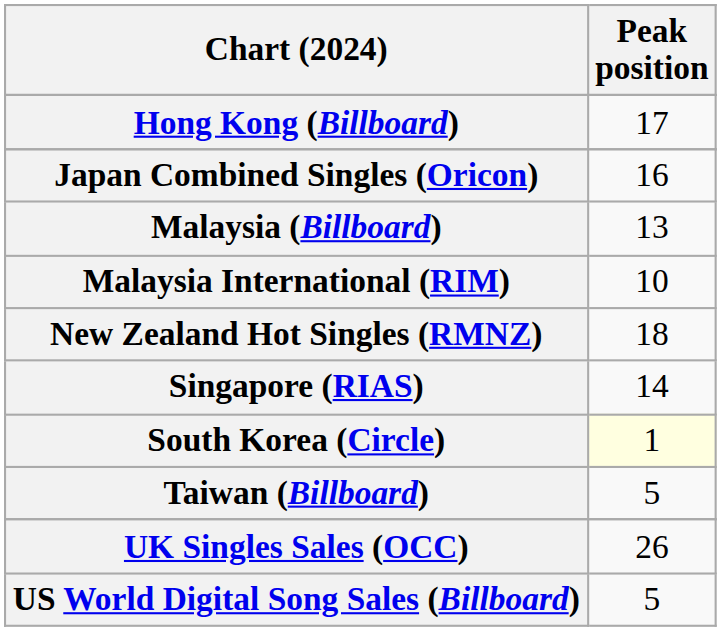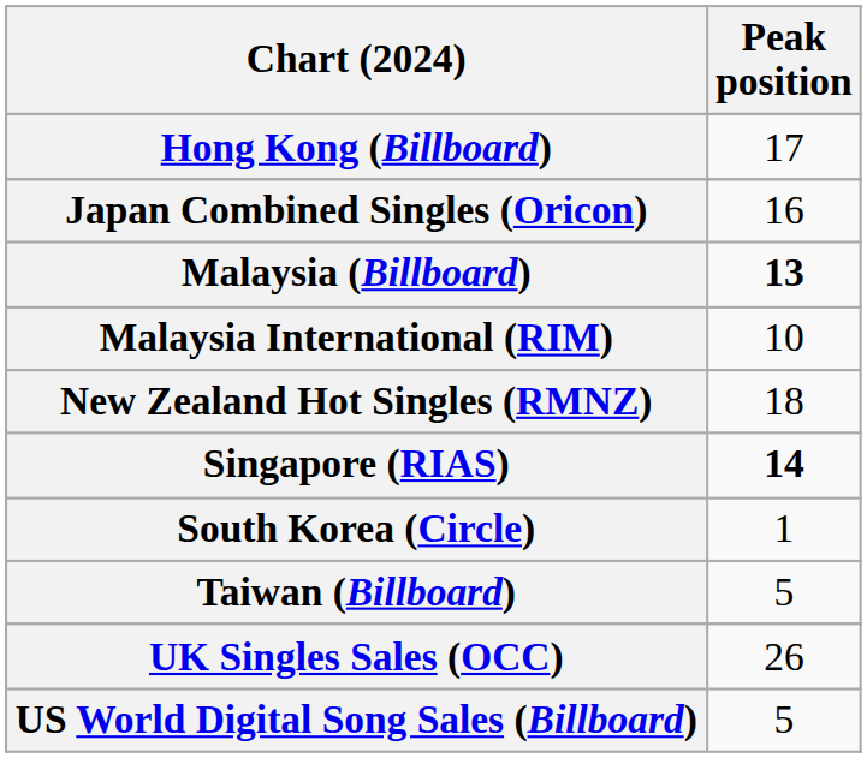 <table class="wikitable plainrowheaders sortable" style="text-align:center">
 <tr>
 <th scope="col">Chart (2024)</th>
 <th scope="col">Peak<br>position</th>
 </tr>
 <tr>
 </tr>
 <tr>
 <th scope="row"><a href='#'>Hong Kong</a> (<em><a href='#'>Billboard</a></em>)</th>
 <td>17</td>
 </tr>
 <tr>
 </tr>
 <tr>
 <th scope="row">Japan Combined Singles (<a href='#'>Oricon</a>)</th>
 <td>16</td>
 </tr>
 <tr>
 <th scope="row">Malaysia (<em><a href='#'>Billboard</a></em>)</th>
-<td>13</td>
+<td><strong>13</strong></td>
 </tr>
 <tr>
 <th scope="row">Malaysia International (<a href='#'>RIM</a>)</th>
 <td>10</td>
 </tr>
 <tr>
 <th scope="row">New Zealand Hot Singles (<a href='#'>RMNZ</a>)</th>
 <td>18</td>
 </tr>
 <tr>
 <th scope="row">Singapore (<a href='#'>RIAS</a>)</th>
-<td>14</td>
+<td><strong>14</strong></td>
 </tr>
 <tr>
 <th scope="row">South Korea (<a href='#'>Circle</a>)</th>
-<td style="background: lightyellow;">1</td>
+<td>1</td>
 </tr>
 <tr>
 <th scope="row">Taiwan (<em><a href='#'>Billboard</a></em>)</th>
 <td>5</td>
 </tr>
 <tr>
 </tr>
 <tr>
 <th scope="row"><a href='#'>UK Singles Sales</a> (<a href='#'>OCC</a>)</th>
 <td>26</td>
 </tr>
 <tr>
 <th scope="row">US <a href='#'>World Digital Song Sales</a> (<em><a href='#'>Billboard</a></em>)</th>
 <td>5</td>
 </tr>
 </table>
